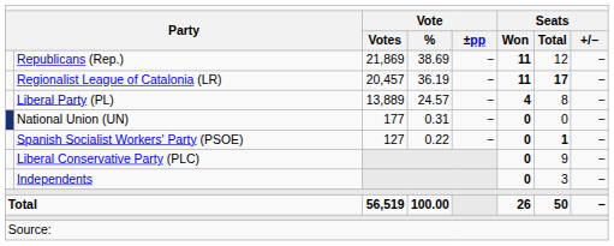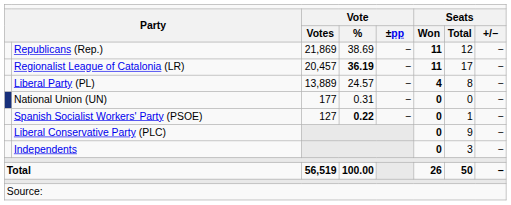 <table class='wikitable' style='text-align:right; font-size:100%;'>
 <tr>
 <td colspan='8'></td>
 </tr>
 <tr bgcolor='#E9E9E9' align='center'>
 <th align='left' rowspan='2' colspan='2' width='450'>Party</th>
 <th colspan='3'>Vote</th>
 <th colspan='3'>Seats</th>
 </tr>
 <tr bgcolor='#E9E9E9' align='center'>
 <th width='50'>Votes</th>
 <th width='50'>%</th>
 <th width='50'>±<a href='#'>pp</a></th>
 <th width='40'>Won</th>
 <th width='40'>Total</th>
 <th width='40'>+/−</th>
 </tr>
 <tr>
 <td></td>
 <td align='left'><a href='#'>Republicans</a> (Rep.)</td>
 <td>21,869</td>
 <td>38.69</td>
 <td>−</td>
 <td><strong>11</strong></td>
 <td>12</td>
 <td>−</td>
 </tr>
 <tr>
 <td></td>
 <td align='left'><a href='#'>Regionalist League of Catalonia</a> (LR)</td>
 <td>20,457</td>
-<td>36.19</td>
+<td><strong>36.19</strong></td>
 <td>−</td>
 <td><strong>11</strong></td>
-<td><strong>17</strong></td>
+<td>17</td>
 <td>−</td>
 </tr>
 <tr>
 <td></td>
 <td align='left'><a href='#'>Liberal Party</a> (PL)</td>
 <td>13,889</td>
 <td>24.57</td>
 <td>−</td>
 <td><strong>4</strong></td>
 <td>8</td>
 <td>−</td>
 </tr>
 <tr>
 <td bgcolor='#18307B'></td>
 <td align='left'>National Union (UN)</td>
 <td>177</td>
 <td>0.31</td>
 <td>−</td>
 <td><strong>0</strong></td>
 <td>0</td>
 <td>−</td>
 </tr>
 <tr>
 <td></td>
 <td align='left'><a href='#'>Spanish Socialist Workers' Party</a> (PSOE)</td>
 <td>127</td>
-<td>0.22</td>
+<td><strong>0.22</strong></td>
 <td>−</td>
 <td><strong>0</strong></td>
-<td><strong>1</strong></td>
+<td>1</td>
 <td>−</td>
 </tr>
 <tr>
 <td></td>
 <td align='left'><a href='#'>Liberal Conservative Party</a> (PLC)</td>
 <td colspan='3' bgcolor='#E9E9E9'></td>
 <td><strong>0</strong></td>
 <td>9</td>
 <td>−</td>
 </tr>
 <tr>
 <td></td>
 <td align='left'><a href='#'>Independents</a></td>
 <td colspan='3' bgcolor='#E9E9E9'></td>
 <td><strong>0</strong></td>
 <td>3</td>
 <td>−</td>
 </tr>
 <tr>
 <td colspan='8' bgcolor='#E9E9E9'></td>
 </tr>
 <tr style='font-weight:bold;'>
 <td align='left' colspan='2'>Total</td>
 <td>56,519</td>
 <td>100.00</td>
 <td bgcolor='#E9E9E9'></td>
 <td>26</td>
 <td>50</td>
 <td>−</td>
 </tr>
 <tr>
 <td colspan='8' bgcolor='#E9E9E9'></td>
 </tr>
 <tr>
 <td align='left' colspan='8'>Source:</td>
 </tr>
 </table>
